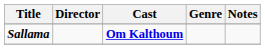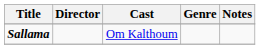 <table class="wikitable">
 <tr>
 <th>Title</th>
 <th>Director</th>
 <th>Cast</th>
 <th>Genre</th>
 <th>Notes</th>
 </tr>
 <tr>
 </tr>
 <tr>
 <td><strong><em>Sallama</em></strong></td>
 <td></td>
-<td><strong><a href='#'>Om Kalthoum</a></strong></td>
+<td><a href='#'>Om Kalthoum</a></td>
 <td></td>
 <td></td>
 </tr>
 <tr>
 </tr>
 </table>
